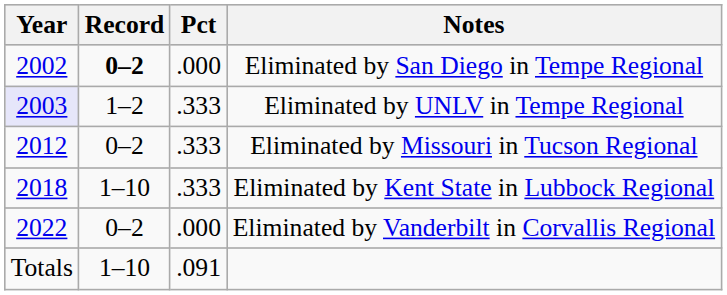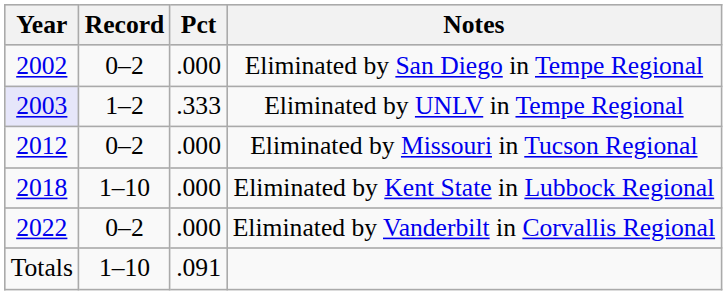 <table class="wikitable sortable" style="text-align:center">
 <tr>
 <th>Year</th>
 <th>Record</th>
 <th>Pct</th>
 <th>Notes</th>
 </tr>
 <tr>
 <td><a href='#'>2002</a></td>
-<td><strong>0–2</strong></td>
+<td>0–2</td>
 <td>.000</td>
 <td>Eliminated by <a href='#'>San Diego</a> in <a href='#'>Tempe Regional</a></td>
 </tr>
 <tr>
 <td style="background: lavender;"><a href='#'>2003</a></td>
 <td>1–2</td>
 <td>.333</td>
 <td>Eliminated by <a href='#'>UNLV</a> in <a href='#'>Tempe Regional</a></td>
 </tr>
 <tr>
 <td><a href='#'>2012</a></td>
 <td>0–2</td>
-<td>.333</td>
+<td>.000</td>
 <td>Eliminated by <a href='#'>Missouri</a> in <a href='#'>Tucson Regional</a></td>
 </tr>
 <tr>
 <td><a href='#'>2018</a></td>
 <td>1–10</td>
-<td>.333</td>
+<td>.000</td>
 <td>Eliminated by <a href='#'>Kent State</a> in <a href='#'>Lubbock Regional</a></td>
 </tr>
 <tr>
 <td><a href='#'>2022</a></td>
 <td>0–2</td>
 <td>.000</td>
 <td>Eliminated by <a href='#'>Vanderbilt</a> in <a href='#'>Corvallis Regional</a></td>
 </tr>
 <tr class="sortbottom">
 <td>Totals</td>
 <td>1–10</td>
 <td>.091</td>
 <td></td>
 </tr>
 </table>
